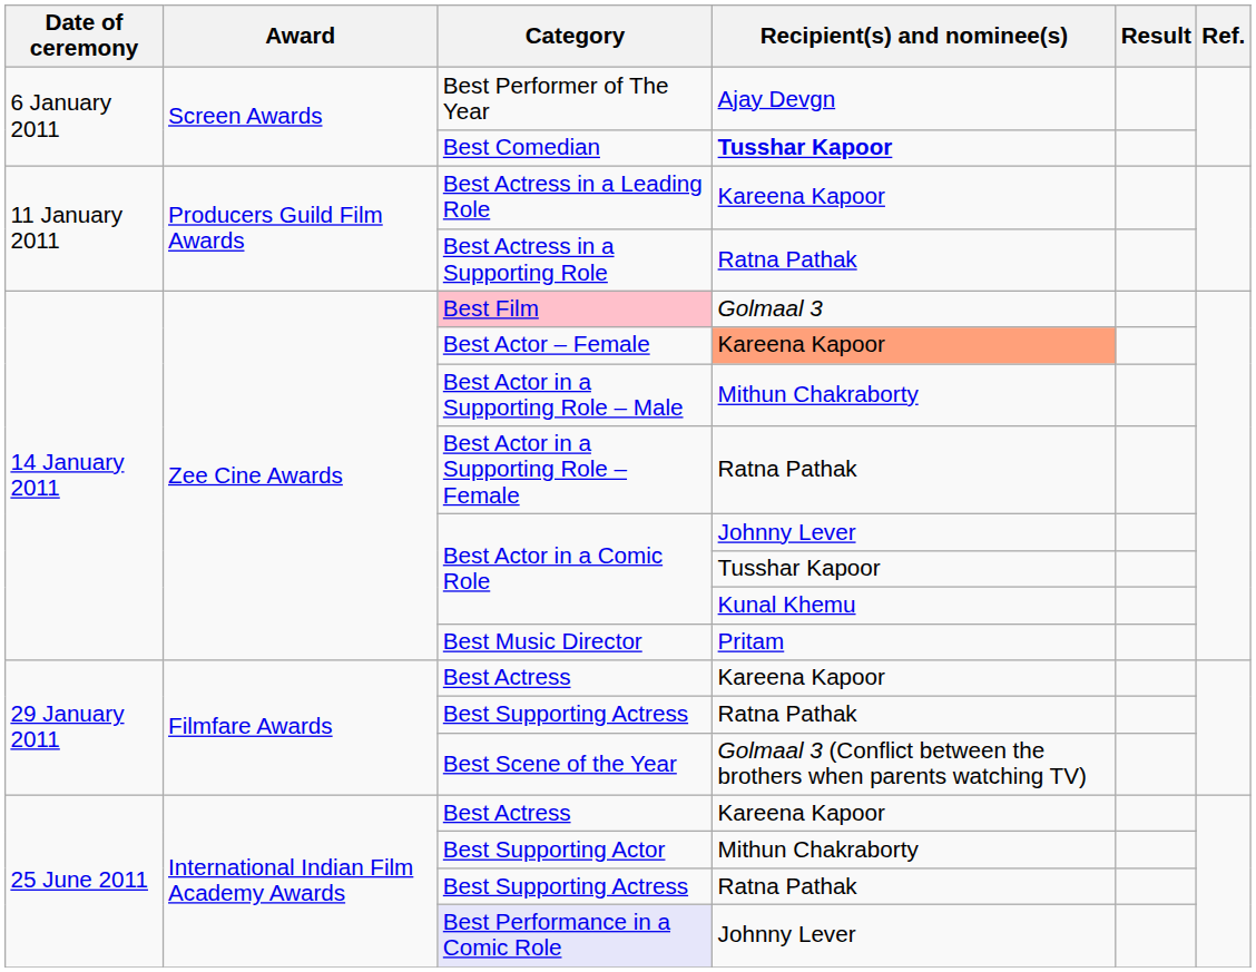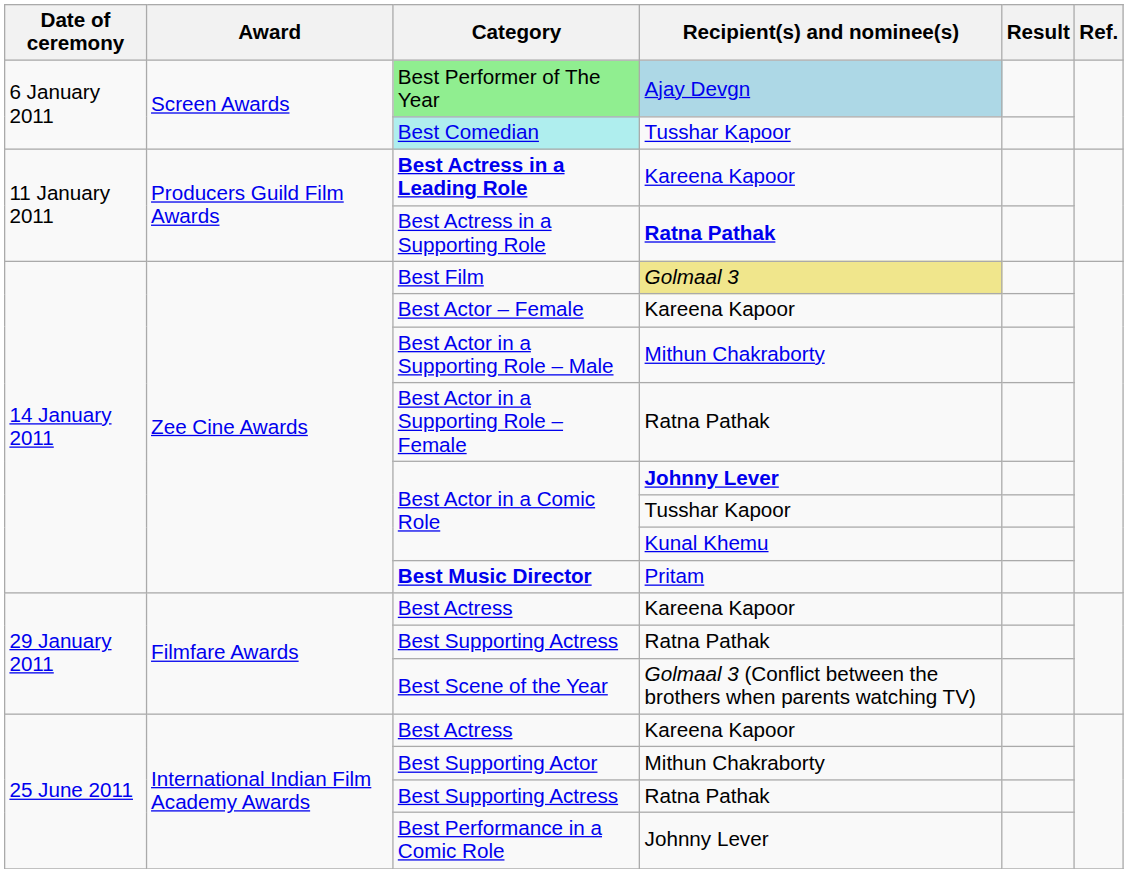 <table class="wikitable sortable">
 <tr>
 <th>Date of ceremony</th>
 <th>Award</th>
 <th>Category</th>
 <th>Recipient(s) and nominee(s)</th>
 <th>Result</th>
 <th>Ref.</th>
 </tr>
 <tr>
 <td rowspan="2">6 January 2011</td>
 <td rowspan="2"><a href='#'>Screen Awards</a></td>
-<td>Best Performer of The Year</td>
-<td><a href='#'>Ajay Devgn</a></td>
+<td style="background: lightgreen;">Best Performer of The Year</td>
+<td style="background: lightblue;"><a href='#'>Ajay Devgn</a></td>
 <td></td>
 <td rowspan="2"><br></td>
 </tr>
 <tr>
-<td><a href='#'>Best Comedian</a></td>
-<td><strong><a href='#'>Tusshar Kapoor</a></strong></td>
+<td style="background: paleturquoise;"><a href='#'>Best Comedian</a></td>
+<td><a href='#'>Tusshar Kapoor</a></td>
 <td></td>
 </tr>
 <tr>
 <td rowspan="2">11 January 2011</td>
 <td rowspan="2"><a href='#'>Producers Guild Film Awards</a></td>
-<td><a href='#'>Best Actress in a Leading Role</a></td>
+<td><strong><a href='#'>Best Actress in a Leading Role</a></strong></td>
 <td><a href='#'>Kareena Kapoor</a></td>
 <td></td>
 <td rowspan="2"></td>
 </tr>
 <tr>
 <td><a href='#'>Best Actress in a Supporting Role</a></td>
-<td><a href='#'>Ratna Pathak</a></td>
+<td><strong><a href='#'>Ratna Pathak</a></strong></td>
 <td></td>
 </tr>
 <tr>
 <td rowspan="8"><a href='#'>14 January 2011</a></td>
 <td rowspan="8"><a href='#'>Zee Cine Awards</a></td>
-<td style="background: pink;"><a href='#'>Best Film</a></td>
-<td><em>Golmaal 3</em></td>
+<td><a href='#'>Best Film</a></td>
+<td style="background: khaki;"><em>Golmaal 3</em></td>
 <td></td>
 <td rowspan="8"></td>
 </tr>
 <tr>
 <td><a href='#'>Best Actor – Female</a></td>
-<td style="background: lightsalmon;">Kareena Kapoor</td>
+<td>Kareena Kapoor</td>
 <td></td>
 </tr>
 <tr>
 <td><a href='#'>Best Actor in a Supporting Role – Male</a></td>
 <td><a href='#'>Mithun Chakraborty</a></td>
 <td></td>
 </tr>
 <tr>
 <td><a href='#'>Best Actor in a Supporting Role – Female</a></td>
 <td>Ratna Pathak</td>
 <td></td>
 </tr>
 <tr>
 <td rowspan="3"><a href='#'>Best Actor in a Comic Role</a></td>
-<td><a href='#'>Johnny Lever</a></td>
+<td><strong><a href='#'>Johnny Lever</a></strong></td>
 <td></td>
 </tr>
 <tr>
 <td>Tusshar Kapoor</td>
 <td></td>
 </tr>
 <tr>
 <td><a href='#'>Kunal Khemu</a></td>
 <td></td>
 </tr>
 <tr>
-<td><a href='#'>Best Music Director</a></td>
+<td><strong><a href='#'>Best Music Director</a></strong></td>
 <td><a href='#'>Pritam</a></td>
 <td></td>
 </tr>
 <tr>
 <td rowspan="3"><a href='#'>29 January 2011</a></td>
 <td rowspan="3"><a href='#'>Filmfare Awards</a></td>
 <td><a href='#'>Best Actress</a></td>
 <td>Kareena Kapoor</td>
 <td></td>
 <td rowspan="3"><br></td>
 </tr>
 <tr>
 <td><a href='#'>Best Supporting Actress</a></td>
 <td>Ratna Pathak</td>
 <td></td>
 </tr>
 <tr>
 <td><a href='#'>Best Scene of the Year</a></td>
 <td><em>Golmaal 3</em> (Conflict between the brothers when parents watching TV)</td>
 <td></td>
 </tr>
 <tr>
 <td rowspan="4"><a href='#'>25 June 2011</a></td>
 <td rowspan="4"><a href='#'>International Indian Film Academy Awards</a></td>
 <td><a href='#'>Best Actress</a></td>
 <td>Kareena Kapoor</td>
 <td></td>
 <td rowspan="4"></td>
 </tr>
 <tr>
 <td><a href='#'>Best Supporting Actor</a></td>
 <td>Mithun Chakraborty</td>
 <td></td>
 </tr>
 <tr>
 <td><a href='#'>Best Supporting Actress</a></td>
 <td>Ratna Pathak</td>
 <td></td>
 </tr>
 <tr>
-<td style="background: lavender;"><a href='#'>Best Performance in a Comic Role</a></td>
+<td><a href='#'>Best Performance in a Comic Role</a></td>
 <td>Johnny Lever</td>
 <td></td>
 </tr>
 </table>
